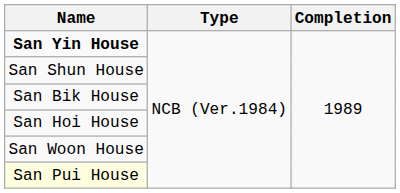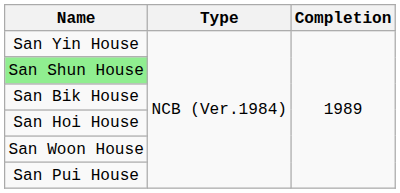 <table class="wikitable" style="text-align: center">
 <tr>
 <th>Name</th>
 <th>Type</th>
 <th>Completion</th>
 </tr>
 <tr>
-<td><strong>San Yin House</strong></td>
+<td>San Yin House</td>
 <td rowspan="6">NCB (Ver.1984)</td>
 <td rowspan="6">1989</td>
 </tr>
 <tr>
-<td>San Shun House</td>
+<td style="background: lightgreen;">San Shun House</td>
 </tr>
 <tr>
 <td>San Bik House</td>
 </tr>
 <tr>
 <td>San Hoi House</td>
 </tr>
 <tr>
 <td>San Woon House</td>
 </tr>
 <tr>
-<td style="background: lightyellow;">San Pui House</td>
+<td>San Pui House</td>
 </tr>
 </table>
